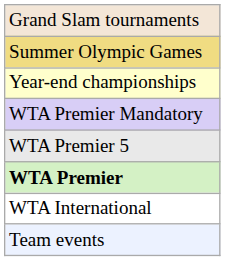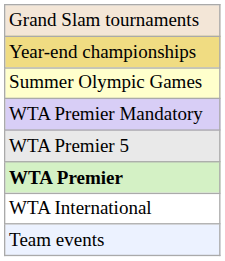 <table class=wikitable style=font-size:90%;width:13%>
 <tr style="background:#f3e6d7;">
 <td>Grand Slam tournaments</td>
 </tr>
 <tr style="background:#f0dc82;">
-<td>Summer Olympic Games</td>
+<td>Year-end championships</td>
 </tr>
 <tr style="background:#ffc;">
-<td>Year-end championships</td>
+<td>Summer Olympic Games</td>
 </tr>
 <tr style="background:#d8cef6;">
 <td>WTA Premier Mandatory</td>
 </tr>
 <tr style="background:#e9e9e9;">
 <td>WTA Premier 5</td>
 </tr>
 <tr style="background:#d4f1c5;">
 <td><strong>WTA Premier</strong></td>
 </tr>
 <tr style="background:#fff;">
 <td>WTA International</td>
 </tr>
 <tr style="background:#ecf2ff;">
 <td>Team events</td>
 </tr>
 </table>
